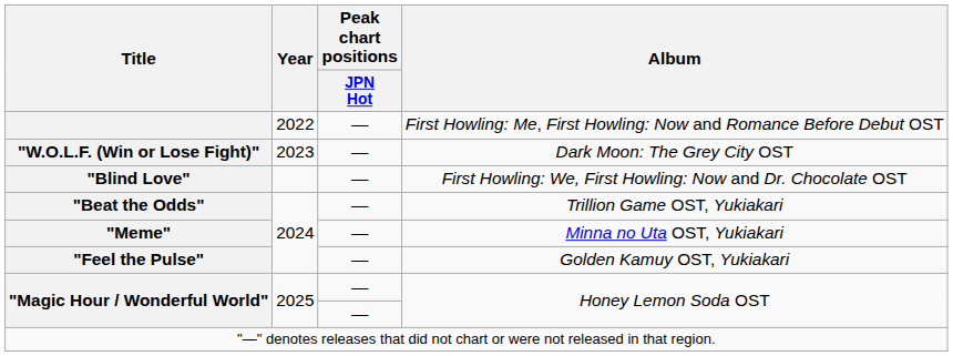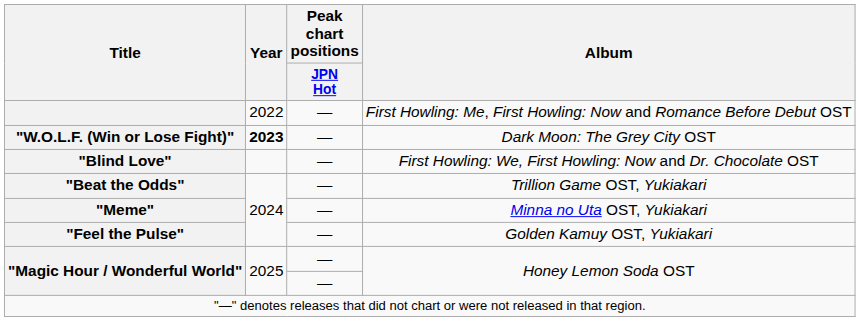 <table class="wikitable plainrowheaders" style="text-align:center">
 <tr>
 <th scope="col" rowspan="2">Title</th>
 <th scope="col" rowspan="2">Year</th>
 <th scope="col">Peak chart positions</th>
 <th scope="col" rowspan="2">Album</th>
 </tr>
 <tr>
 <th scope="col" style="font-size:90%; width:2.75em"><a href='#'>JPN<br>Hot</a><br></th>
 </tr>
 <tr>
 <th scope="row"></th>
 <td>2022</td>
 <td>—</td>
 <td><em>First Howling: Me</em>, <em>First Howling: Now</em> and <em>Romance Before Debut</em> OST</td>
 </tr>
 <tr>
 <th scope="row">"W.O.L.F. (Win or Lose Fight)"</th>
-<td>2023</td>
+<td><strong>2023</strong></td>
 <td>—</td>
 <td><em>Dark Moon: The Grey City</em> OST</td>
 </tr>
 <tr>
 <th scope="row">"Blind Love"</th>
 <td></td>
 <td>—</td>
 <td><em>First Howling: We, First Howling: Now</em> and <em>Dr. Chocolate</em> OST</td>
 </tr>
 <tr>
 <th scope="row">"Beat the Odds"</th>
 <td rowspan="3">2024</td>
 <td>—</td>
 <td><em>Trillion Game</em> OST, <em>Yukiakari</em></td>
 </tr>
 <tr>
 <th scope="row">"Meme"</th>
 <td>—</td>
 <td><em><a href='#'>Minna no Uta</a></em> OST, <em>Yukiakari</em></td>
 </tr>
 <tr>
 <th scope="row">"Feel the Pulse"</th>
 <td>—</td>
 <td><em>Golden Kamuy</em> OST, <em>Yukiakari</em></td>
 </tr>
 <tr>
 <th rowspan="2" scope="row">"Magic Hour / Wonderful World"</th>
 <td rowspan="2">2025</td>
 <td>—</td>
 <td rowspan="2"><em>Honey Lemon Soda</em> OST</td>
 </tr>
 <tr>
 <td>—</td>
 </tr>
 <tr>
 <td colspan="4" style="font-size:85%">"—" denotes releases that did not chart or were not released in that region.</td>
 </tr>
 </table>
